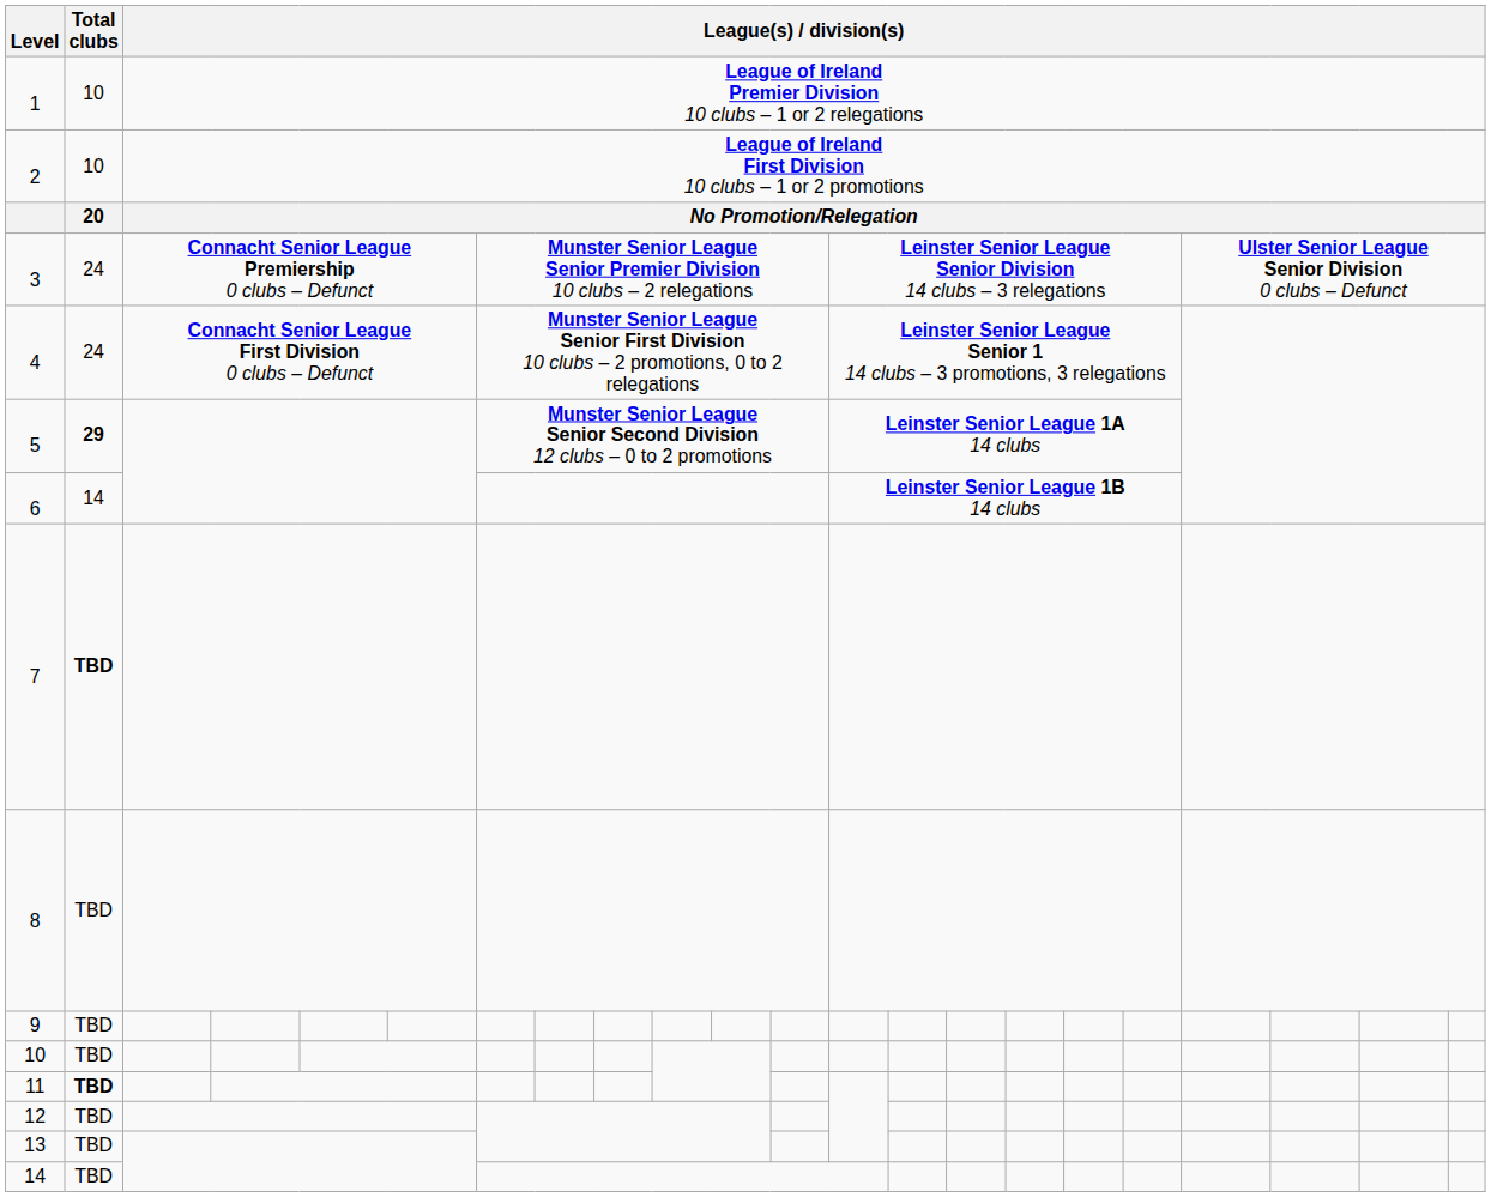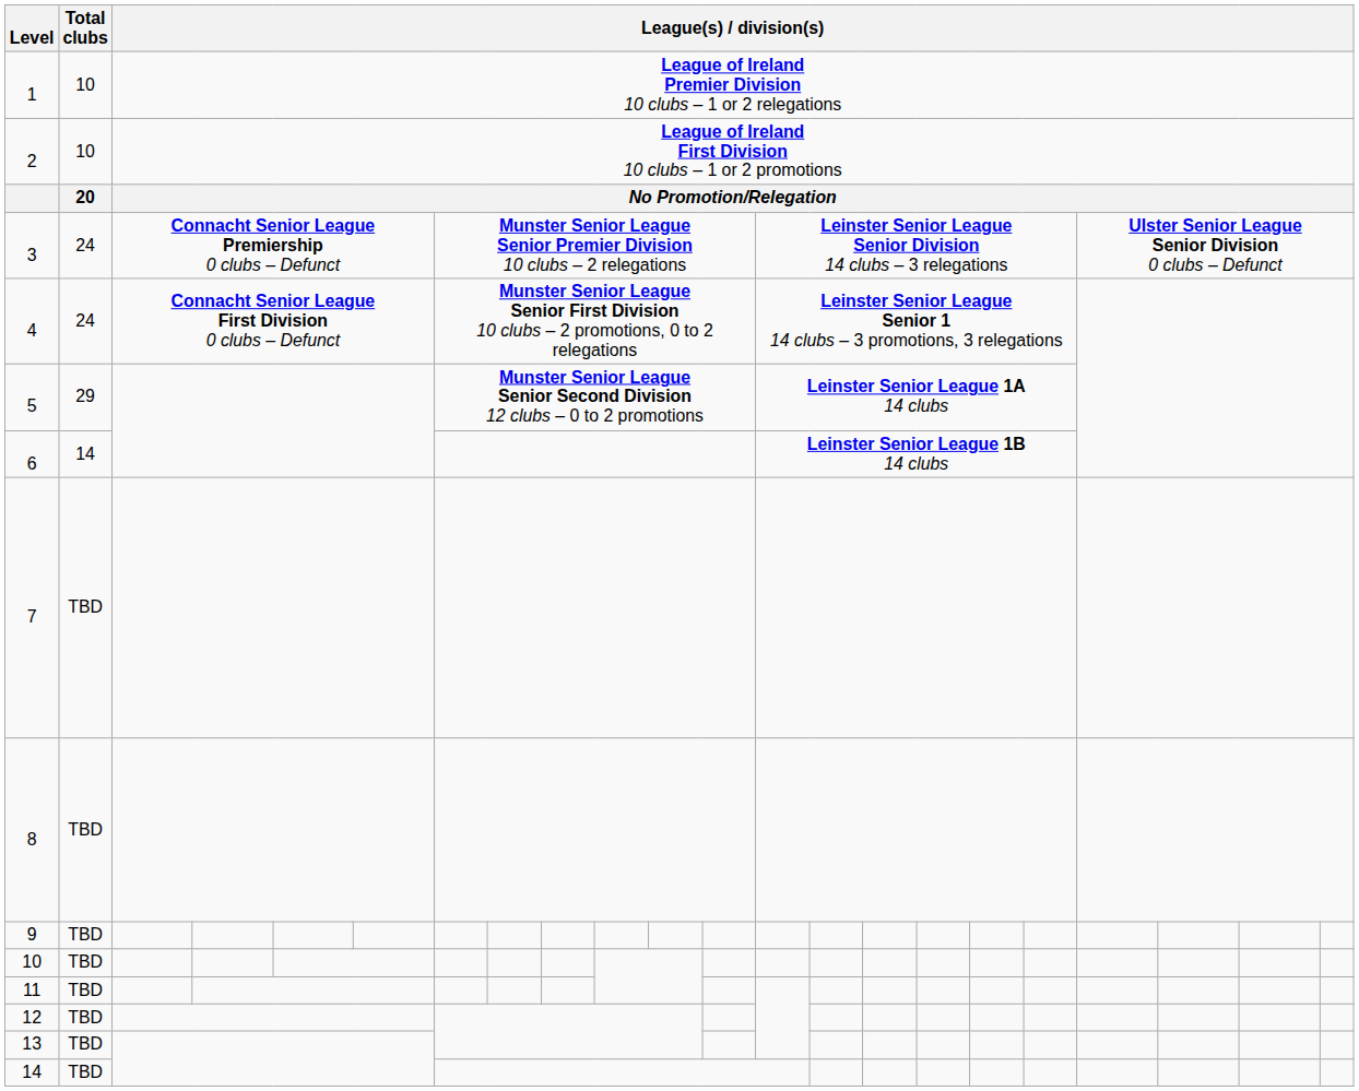 <table class="wikitable" style="text-align: center;">
 <tr>
 <th colspan="1"><br>Level</th>
 <th>Total clubs</th>
 <th colspan="20">League(s) / division(s)</th>
 </tr>
 <tr>
 <td colspan="1" width="4%"><br>1</td>
 <td>10</td>
 <td colspan="20"><strong><a href='#'>League of Ireland<br>Premier Division</a></strong><br> <em>10 clubs</em> – 1 or 2 relegations</td>
 </tr>
 <tr>
 <td colspan="1" width="4%"><br>2</td>
 <td>10</td>
 <td colspan="20"><strong><a href='#'>League of Ireland<br>First Division</a></strong><br> <em>10 clubs</em> – 1 or 2 promotions</td>
 </tr>
 <tr>
 <th colspan="1" width="4%"></th>
 <th>20</th>
 <th colspan="20"><em>No Promotion/Relegation</em></th>
 </tr>
 <tr>
 <td colspan="1" width="4%"><br>3</td>
 <td>24</td>
 <td colspan="4" width="25%"><strong><a href='#'>Connacht Senior League</a><br>Premiership</strong><br><em>0 clubs</em> – <em>Defunct</em></td>
 <td colspan="6" width="25%"><strong><a href='#'>Munster Senior League<br> Senior Premier Division</a></strong><br><em>10 clubs</em> – 2 relegations</td>
 <td colspan="6" width="25%"><strong><a href='#'>Leinster Senior League<br> Senior Division</a></strong><br><em>14 clubs</em> – 3 relegations</td>
 <td colspan="4" width="25%"><strong><a href='#'>Ulster Senior League</a><br> Senior Division </strong><br><em>0 clubs</em> – <em>Defunct</em></td>
 </tr>
 <tr>
 <td colspan="1" width="4%"><br>4</td>
 <td>24</td>
 <td colspan="4" width="25%"><strong><a href='#'>Connacht Senior League</a><br>First Division</strong><br><em>0 clubs</em> – <em>Defunct</em></td>
 <td colspan="6" width="25%"><strong><a href='#'>Munster Senior League</a><br> Senior First Division</strong><br><em>10 clubs</em> – 2 promotions, 0 to 2 relegations</td>
 <td colspan="6" width="24%"><strong><a href='#'>Leinster Senior League</a><br> Senior 1</strong><br><em>14 clubs</em> – 3 promotions, 3 relegations</td>
 <td colspan="4" rowspan="3"></td>
 </tr>
 <tr>
 <td colspan="1" width="4%"><br>5</td>
-<td><strong>29</strong></td>
+<td>29</td>
 <td colspan="4" rowspan="2"></td>
 <td colspan="6" width="24%"><strong><a href='#'>Munster Senior League</a><br> Senior Second Division</strong><br><em>12 clubs</em> – 0 to 2 promotions</td>
 <td colspan="6" width="24%"><strong><a href='#'>Leinster Senior League</a> 1A</strong><br><em>14 clubs</em></td>
 </tr>
 <tr>
 <td colspan="1" width="4%"><br>6</td>
 <td>14</td>
 <td colspan="6"></td>
 <td colspan="6" width="24%"><strong><a href='#'>Leinster Senior League</a> 1B</strong><br><em>14 clubs</em></td>
 </tr>
 <tr>
 <td colspan="1" width="4%"><br>7</td>
-<td><strong>TBD</strong></td>
+<td>TBD</td>
 <td colspan="4"><br> </td>
 <td colspan="6"><br><br> <br> <br> <br> <br> <br> <br><br> <br> <br> <br> <br></td>
 <td colspan="6"><br> </td>
 <td colspan="4"><br> </td>
 </tr>
 <tr>
 <td colspan="1" width="4%"><br>8</td>
 <td>TBD</td>
 <td colspan="4"><br><br> <br> <br> </td>
 <td colspan="6"><br><br> <br> <br> <br> <br> <br> <br> <br></td>
 <td colspan="6"><br><br> <br> <br> <br> </td>
 <td colspan="4"><br></td>
 </tr>
 <tr>
 <td>9</td>
 <td>TBD</td>
 <td><br></td>
 <td></td>
 <td></td>
 <td></td>
 <td></td>
 <td></td>
 <td></td>
 <td></td>
 <td></td>
 <td></td>
 <td></td>
 <td></td>
 <td></td>
 <td></td>
 <td></td>
 <td></td>
 <td></td>
 <td></td>
 <td></td>
 </tr>
 <tr>
 <td>10</td>
 <td>TBD</td>
 <td></td>
 <td></td>
 <td colspan="2"></td>
 <td></td>
 <td></td>
 <td></td>
 <td colspan="2" rowspan="2"></td>
 <td></td>
 <td></td>
 <td></td>
 <td></td>
 <td></td>
 <td></td>
 <td></td>
 <td></td>
 <td></td>
 <td></td>
 <td></td>
 </tr>
 <tr>
 <td>11</td>
-<td><strong>TBD</strong></td>
+<td>TBD</td>
 <td></td>
 <td colspan="3"></td>
 <td></td>
 <td colspan="1"></td>
 <td></td>
 <td></td>
 <td rowspan="3"></td>
 <td></td>
 <td></td>
 <td></td>
 <td></td>
 <td></td>
 <td></td>
 <td></td>
 <td></td>
 <td></td>
 </tr>
 <tr>
 <td>12</td>
 <td>TBD</td>
 <td colspan="4"></td>
 <td colspan="5" rowspan="2"></td>
 <td></td>
 <td></td>
 <td></td>
 <td></td>
 <td></td>
 <td></td>
 <td></td>
 <td></td>
 <td></td>
 <td></td>
 </tr>
 <tr>
 <td>13</td>
 <td>TBD</td>
 <td colspan="4" rowspan="2"></td>
 <td></td>
 <td></td>
 <td></td>
 <td></td>
 <td></td>
 <td></td>
 <td></td>
 <td></td>
 <td></td>
 <td></td>
 </tr>
 <tr>
 <td>14</td>
 <td>TBD</td>
 <td colspan="7"></td>
 <td></td>
 <td></td>
 <td></td>
 <td></td>
 <td></td>
 <td></td>
 <td></td>
 <td></td>
 <td></td>
 </tr>
 </table>
